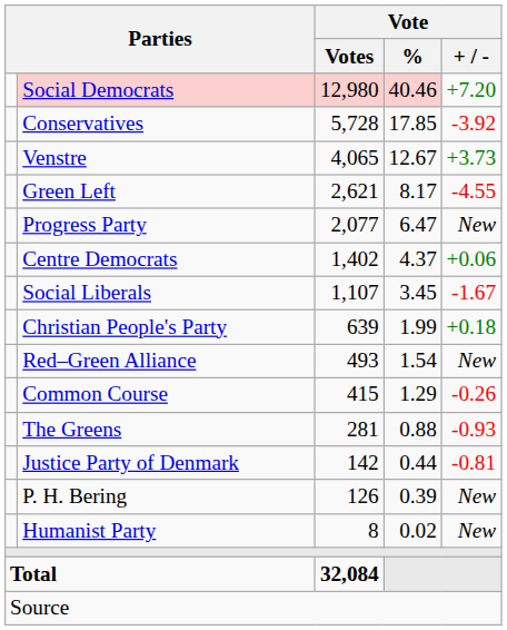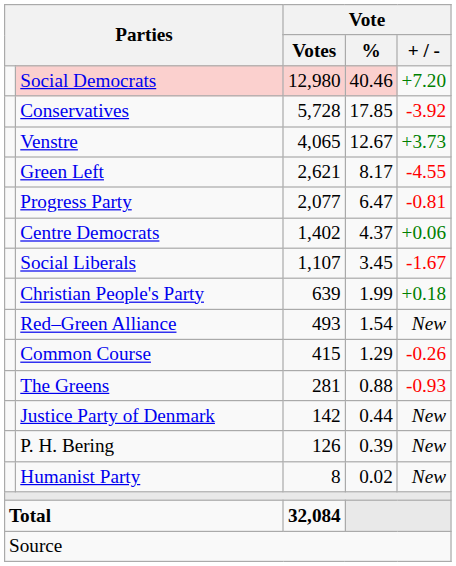 <table class="wikitable" style="text-align:right;">
 <tr>
 <th style="text-align:centre;" rowspan="2" colspan="2" width="225">Parties</th>
 <th colspan="3">Vote</th>
 </tr>
 <tr>
 <th width="15">Votes</th>
 <th width="15">%</th>
 <th width="15">+ / -</th>
 </tr>
 <tr>
 <td width="2" style="color:inherit;background:"></td>
 <td bgcolor=#fbd0ce  align="left"><a href='#'>Social Democrats</a></td>
 <td bgcolor=#fbd0ce>12,980</td>
 <td bgcolor=#fbd0ce>40.46</td>
 <td style=color:green;>+7.20</td>
 </tr>
 <tr>
 <td width="2" style="color:inherit;background:"></td>
 <td align="left"><a href='#'>Conservatives</a></td>
 <td>5,728</td>
 <td>17.85</td>
 <td style=color:red;>-3.92</td>
 </tr>
 <tr>
 <td width="2" style="color:inherit;background:"></td>
 <td align="left"><a href='#'>Venstre</a></td>
 <td>4,065</td>
 <td>12.67</td>
 <td style=color:green;>+3.73</td>
 </tr>
 <tr>
 <td width="2" style="color:inherit;background:"></td>
 <td align="left"><a href='#'>Green Left</a></td>
 <td>2,621</td>
 <td>8.17</td>
 <td style=color:red;>-4.55</td>
 </tr>
 <tr>
 <td width="2" style="color:inherit;background:"></td>
 <td align="left"><a href='#'>Progress Party</a></td>
 <td>2,077</td>
 <td>6.47</td>
-<td><em>New</em></td>
+<td style=color:red;>-0.81</td>
 </tr>
 <tr>
 <td width="2" style="color:inherit;background:"></td>
 <td align="left"><a href='#'>Centre Democrats</a></td>
 <td>1,402</td>
 <td>4.37</td>
 <td style=color:green;>+0.06</td>
 </tr>
 <tr>
 <td width="2" style="color:inherit;background:"></td>
 <td align="left"><a href='#'>Social Liberals</a></td>
 <td>1,107</td>
 <td>3.45</td>
 <td style=color:red;>-1.67</td>
 </tr>
 <tr>
 <td width="2" style="color:inherit;background:"></td>
 <td align="left"><a href='#'>Christian People's Party</a></td>
 <td>639</td>
 <td>1.99</td>
 <td style=color:green;>+0.18</td>
 </tr>
 <tr>
 <td width="2" style="color:inherit;background:"></td>
 <td align="left"><a href='#'>Red–Green Alliance</a></td>
 <td>493</td>
 <td>1.54</td>
 <td><em>New</em></td>
 </tr>
 <tr>
 <td width="2" style="color:inherit;background:"></td>
 <td align="left"><a href='#'>Common Course</a></td>
 <td>415</td>
 <td>1.29</td>
 <td style=color:red;>-0.26</td>
 </tr>
 <tr>
 <td width="2" style="color:inherit;background:"></td>
 <td align="left"><a href='#'>The Greens</a></td>
 <td>281</td>
 <td>0.88</td>
 <td style=color:red;>-0.93</td>
 </tr>
 <tr>
 <td width="2" style="color:inherit;background:"></td>
 <td align="left"><a href='#'>Justice Party of Denmark</a></td>
 <td>142</td>
 <td>0.44</td>
-<td style=color:red;>-0.81</td>
+<td><em>New</em></td>
 </tr>
 <tr>
 <td width="2" style="color:inherit;background:"></td>
 <td align="left">P. H. Bering</td>
 <td>126</td>
 <td>0.39</td>
 <td><em>New</em></td>
 </tr>
 <tr>
 <td width="2" style="color:inherit;background:"></td>
 <td align="left"><a href='#'>Humanist Party</a></td>
 <td>8</td>
 <td>0.02</td>
 <td><em>New</em></td>
 </tr>
 <tr>
 <td colspan="7" bgcolor="#E9E9E9"></td>
 </tr>
 <tr>
 <td align="left" colspan="2"><strong>Total</strong></td>
 <td><strong>32,084</strong></td>
 <td bgcolor="#E9E9E9" colspan="2"></td>
 </tr>
 <tr>
 <td align="left" colspan="6">Source</td>
 </tr>
 </table>
